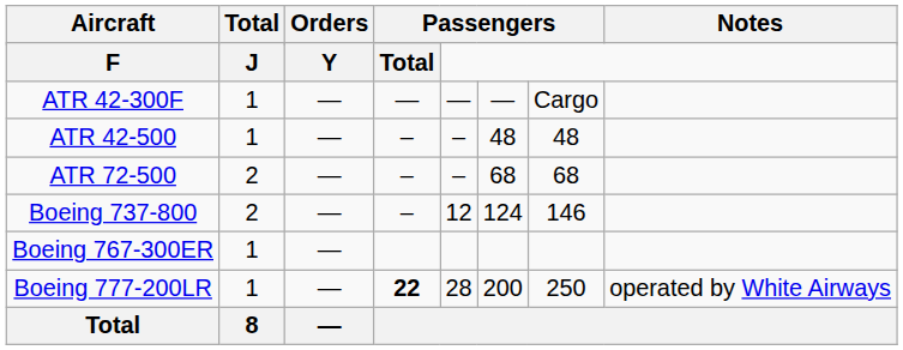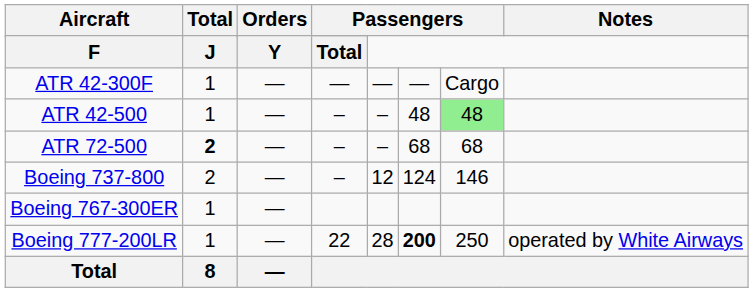 <table class="wikitable" style="margin:1em auto; border-collapse:collapse;text-align:center">
 <tr>
 <th rowspan=2>Aircraft</th>
 <th rowspan=2>Total</th>
 <th rowspan=2>Orders</th>
 <th colspan=4>Passengers</th>
 <th rowspan=2>Notes</th>
 </tr>
 <tr>
 </tr>
 <tr>
 <th><abbr> F</abbr></th>
 <th><abbr> J</abbr></th>
 <th><abbr> Y</abbr></th>
 <th>Total</th>
 </tr>
 <tr>
 <td><a href='#'>ATR 42-300F</a></td>
 <td>1</td>
 <td>—</td>
 <td>—</td>
 <td>—</td>
 <td>—</td>
 <td>Cargo</td>
 <td></td>
 </tr>
 <tr>
 <td><a href='#'>ATR 42-500</a></td>
 <td>1</td>
 <td>—</td>
 <td>–</td>
 <td>–</td>
 <td>48</td>
-<td>48</td>
+<td style="background: lightgreen;">48</td>
 <td></td>
 </tr>
 <tr>
 <td><a href='#'>ATR 72-500</a></td>
-<td>2</td>
+<td><strong>2</strong></td>
 <td>—</td>
 <td>–</td>
 <td>–</td>
 <td>68</td>
 <td>68</td>
 <td></td>
 </tr>
 <tr>
 <td><a href='#'>Boeing 737-800</a></td>
 <td>2</td>
 <td>—</td>
 <td>–</td>
 <td>12</td>
 <td>124</td>
 <td>146</td>
 <td></td>
 </tr>
 <tr>
 <td><a href='#'>Boeing 767-300ER</a></td>
 <td>1</td>
 <td>—</td>
 <td></td>
 <td></td>
 <td></td>
 <td></td>
 <td></td>
 </tr>
 <tr>
 <td><a href='#'>Boeing 777-200LR</a></td>
 <td>1</td>
 <td>—</td>
-<td><strong>22</strong></td>
+<td>22</td>
 <td>28</td>
-<td>200</td>
+<td><strong>200</strong></td>
 <td>250</td>
 <td>operated by <a href='#'>White Airways</a></td>
 </tr>
 <tr>
 <th>Total</th>
 <th>8</th>
 <th>—</th>
 <th colspan="5"></th>
 </tr>
 </table>
